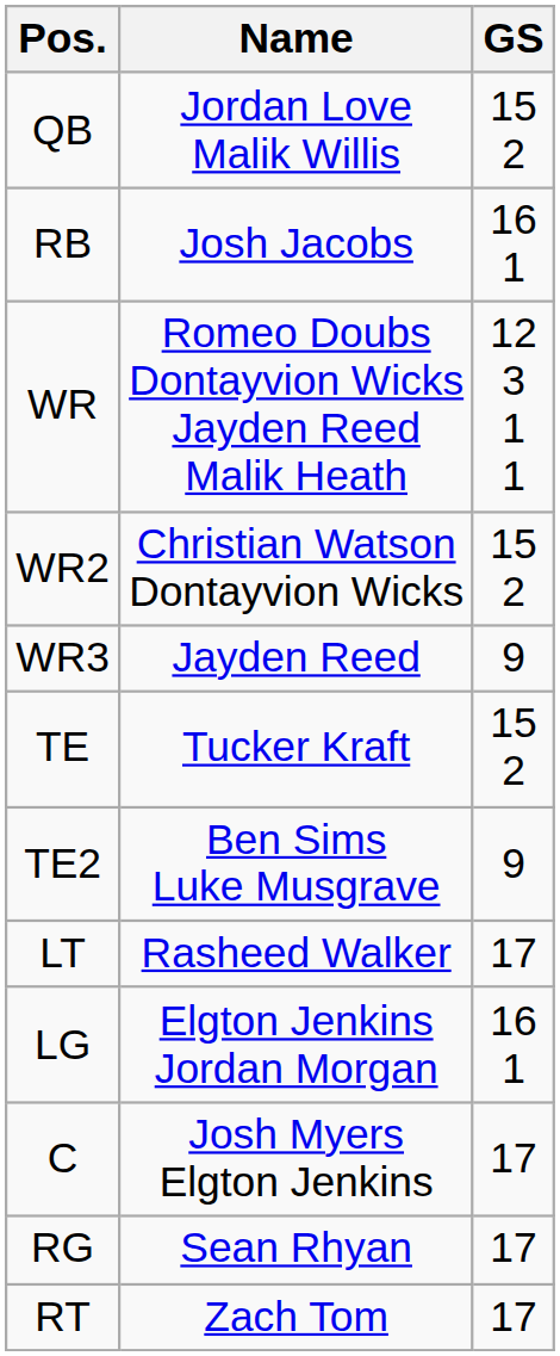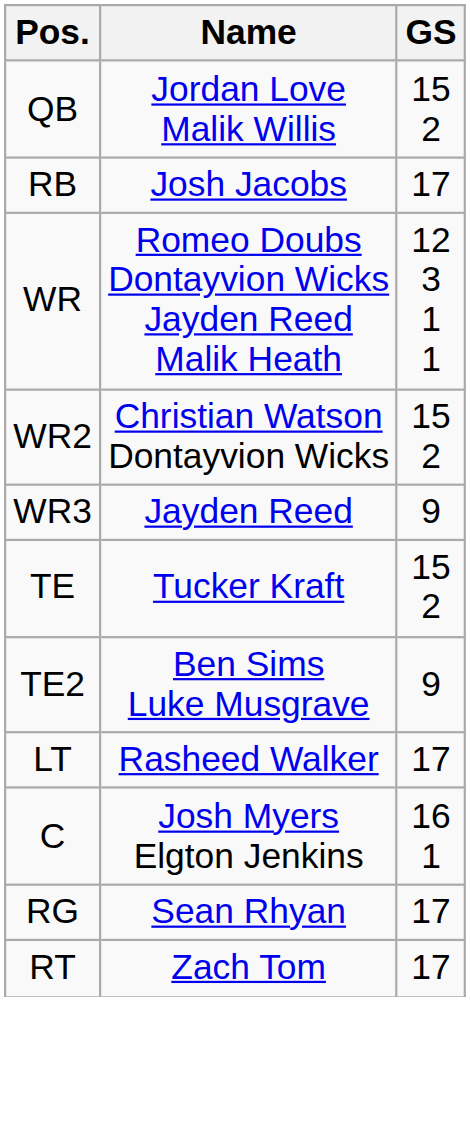 <table class="wikitable" style="text-align:center">
 <tr>
 <th>Pos.</th>
 <th>Name</th>
 <th>GS</th>
 </tr>
 <tr>
 <td>QB</td>
 <td><a href='#'>Jordan Love</a><br><a href='#'>Malik Willis</a></td>
 <td>15<br>2</td>
 </tr>
 <tr>
 <td>RB</td>
 <td><a href='#'>Josh Jacobs</a></td>
-<td>16<br>1</td>
+<td>17</td>
 </tr>
 <tr>
 <td>WR</td>
 <td><a href='#'>Romeo Doubs</a><br><a href='#'>Dontayvion Wicks</a><br><a href='#'>Jayden Reed</a><br><a href='#'>Malik Heath</a></td>
 <td>12<br>3<br>1<br>1</td>
 </tr>
 <tr>
 <td>WR2</td>
 <td><a href='#'>Christian Watson</a><br>Dontayvion Wicks</td>
 <td>15<br>2</td>
 </tr>
 <tr>
 <td>WR3</td>
 <td><a href='#'>Jayden Reed</a></td>
 <td>9</td>
 </tr>
 <tr>
 <td>TE</td>
 <td><a href='#'>Tucker Kraft</a></td>
 <td>15<br>2</td>
 </tr>
 <tr>
 <td>TE2</td>
 <td><a href='#'>Ben Sims</a><br><a href='#'>Luke Musgrave</a></td>
 <td>9</td>
 </tr>
 <tr>
 <td>LT</td>
 <td><a href='#'>Rasheed Walker</a></td>
 <td>17</td>
 </tr>
 <tr>
-<td>LG</td>
-<td><a href='#'>Elgton Jenkins</a><br><a href='#'>Jordan Morgan</a></td>
-<td>16<br>1</td>
-</tr>
-<tr>
 <td>C</td>
 <td><a href='#'>Josh Myers</a><br>Elgton Jenkins</td>
-<td>17</td>
+<td>16<br>1</td>
 </tr>
 <tr>
 <td>RG</td>
 <td><a href='#'>Sean Rhyan</a></td>
 <td>17</td>
 </tr>
 <tr>
 <td>RT</td>
 <td><a href='#'>Zach Tom</a></td>
 <td>17</td>
 </tr>
 </table>
